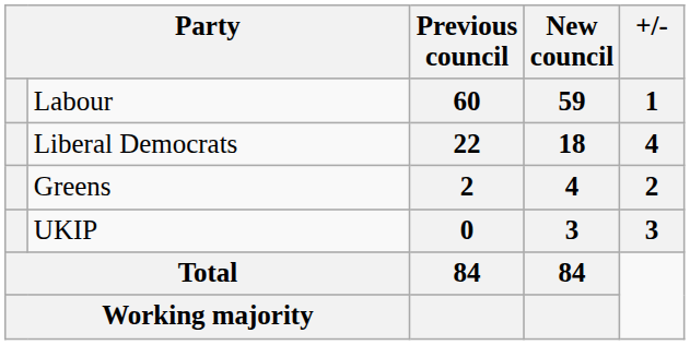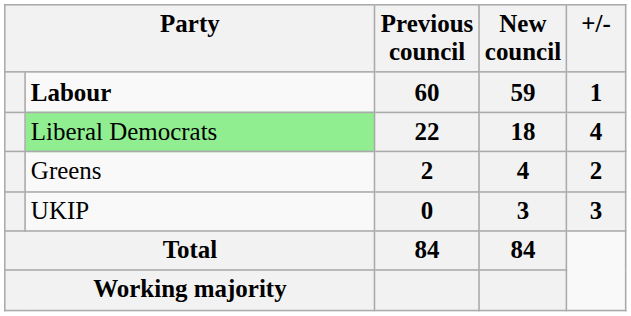 <table class="wikitable">
 <tr>
 <th valign=top colspan="2" style="width: 230px">Party</th>
 <th valign=top style="width: 30px">Previous council</th>
 <th valign=top style="width: 30px">New council</th>
 <th valign=top style="width: 30px">+/-</th>
 </tr>
 <tr>
 <th style="background-color: "></th>
-<td>Labour</td>
+<td><strong>Labour</strong></td>
 <th align=center>60</th>
 <th align=center>59</th>
 <th align=center>1</th>
 </tr>
 <tr>
 <th style="background-color: "></th>
-<td>Liberal Democrats</td>
+<td style="background: lightgreen;">Liberal Democrats</td>
 <th align=center>22</th>
 <th align=center>18</th>
 <th align=center>4</th>
 </tr>
 <tr>
 <th style="background-color: "></th>
 <td>Greens</td>
 <th align=center>2</th>
 <th align=center>4</th>
 <th align=center>2</th>
 </tr>
 <tr>
 <th style="background-color: "></th>
 <td>UKIP</td>
 <th align=center>0</th>
 <th align=center>3</th>
 <th align=center>3</th>
 </tr>
 <tr>
 <th colspan=2>Total</th>
 <th style="text-align: center">84</th>
 <th style="text-align: center">84</th>
 </tr>
 <tr>
 <th colspan=2>Working majority</th>
 <th></th>
 <th></th>
 </tr>
 </table>
